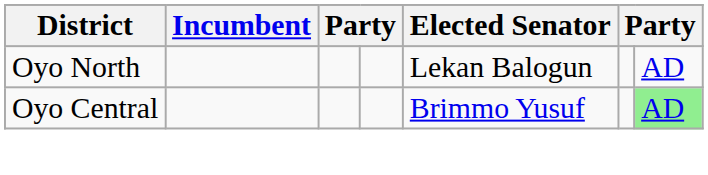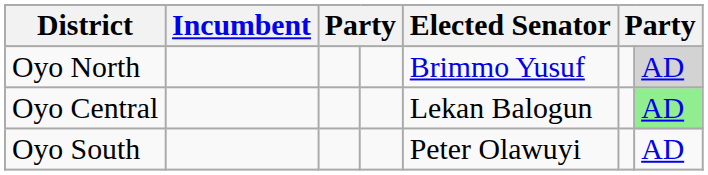 <table class="sortable wikitable" style="font-size:95%;line-height:14px;">
 <tr>
 <th class="unsortable">District</th>
 <th class="unsortable"><a href='#'>Incumbent</a></th>
 <th colspan="2">Party</th>
 <th class="unsortable">Elected Senator</th>
 <th colspan="2">Party</th>
 </tr>
 <tr>
 <td>Oyo North</td>
 <td></td>
 <td></td>
 <td></td>
-<td>Lekan Balogun</td>
+<td><a href='#'>Brimmo Yusuf</a></td>
 <td style="background:"></td>
-<td><a href='#'>AD</a></td>
+<td style="background: lightgrey;"><a href='#'>AD</a></td>
 </tr>
 <tr>
 <td>Oyo Central</td>
 <td></td>
 <td></td>
 <td></td>
-<td><a href='#'>Brimmo Yusuf</a></td>
+<td>Lekan Balogun</td>
 <td style="background:"></td>
 <td style="background: lightgreen;"><a href='#'>AD</a></td>
 </tr>
+<tr>
+<td>Oyo South</td>
+<td></td>
+<td></td>
+<td></td>
+<td>Peter Olawuyi</td>
+<td style="background:"></td>
+<td><a href='#'>AD</a></td>
+</tr>
 </table>
